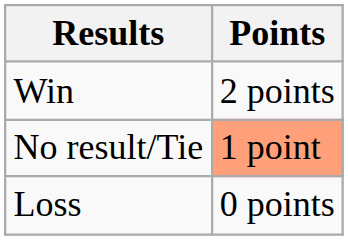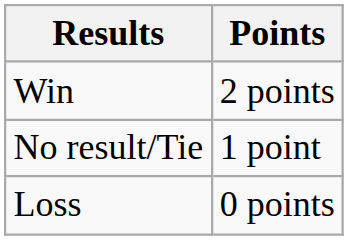 <table class="wikitable">
 <tr>
 <th>Results</th>
 <th>Points</th>
 </tr>
 <tr>
 <td>Win</td>
 <td>2 points</td>
 </tr>
 <tr>
 <td>No result/Tie</td>
-<td style="background: lightsalmon;">1 point</td>
+<td>1 point</td>
 </tr>
 <tr>
 <td>Loss</td>
 <td>0 points</td>
 </tr>
 </table>
